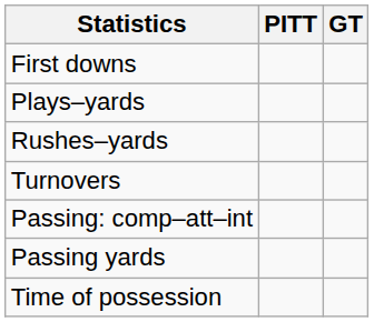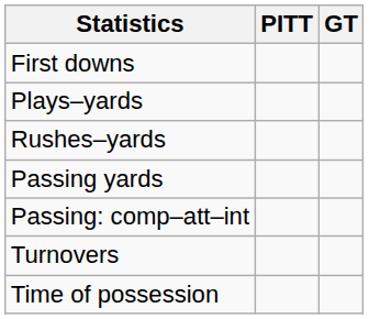 <table class="wikitable" style="float:left">
 <tr>
 <th>Statistics</th>
 <th>PITT</th>
 <th>GT</th>
 </tr>
 <tr>
 <td>First downs</td>
 <td></td>
 <td></td>
 </tr>
 <tr>
 <td>Plays–yards</td>
 <td></td>
 <td></td>
 </tr>
 <tr>
 <td>Rushes–yards</td>
 <td></td>
 <td></td>
 </tr>
 <tr>
-<td>Turnovers</td>
+<td>Passing yards</td>
 <td></td>
 <td></td>
 </tr>
 <tr>
 <td>Passing: comp–att–int</td>
 <td></td>
 <td></td>
 </tr>
 <tr>
-<td>Passing yards</td>
+<td>Turnovers</td>
 <td></td>
 <td></td>
 </tr>
 <tr>
 <td>Time of possession</td>
 <td></td>
 <td></td>
 </tr>
 </table>
